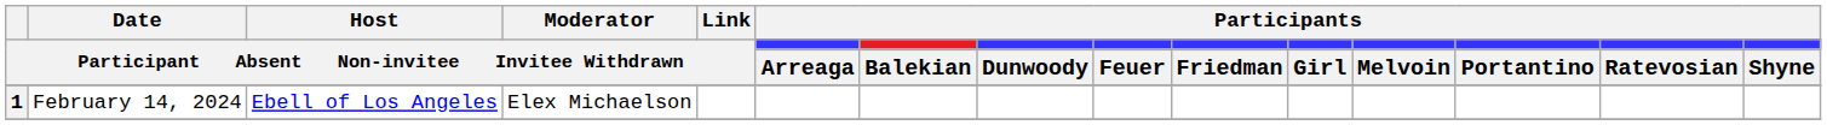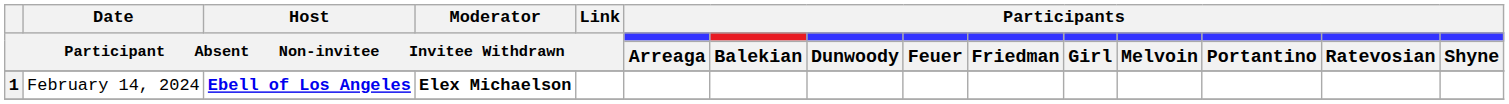 <table class="wikitable" style="text-align:center;">
 <tr style="font-size:small;">
 <th scope="col"></th>
 <th scope="col">Date</th>
 <th scope="col">Host</th>
 <th scope="col">Moderator</th>
 <th scope="col">Link</th>
 <th scope="col" colspan="10">Participants</th>
 </tr>
 <tr>
 <th colspan="5" rowspan="2"> <small>Participant  </small> <small>Absent  </small> <small>Non-invitee  </small> <small>Invitee Withdrawn</small></th>
 <th scope="col" style="background:#3333FF;"></th>
 <th scope="col" style="background:#E81B23;"></th>
 <th scope="col" style="background:#3333FF;"></th>
 <th scope="col" style="background:#3333FF;"></th>
 <th scope="col" style="background:#3333FF;"></th>
 <th scope="col" style="background:#3333FF;"></th>
 <th scope="col" style="background:#3333FF;"></th>
 <th scope="col" style="background:#3333FF;"></th>
 <th scope="col" style="background:#3333FF;"></th>
 <th scope="col" style="background:#3333FF;"></th>
 </tr>
 <tr>
 <th scope="col">Arreaga</th>
 <th scope="col">Balekian</th>
 <th scope="col">Dunwoody</th>
 <th scope="col">Feuer</th>
 <th scope="col">Friedman</th>
 <th scope="col">Girl</th>
 <th scope="col">Melvoin</th>
 <th scope="col">Portantino</th>
 <th scope="col">Ratevosian</th>
 <th scope="col">Shyne</th>
 </tr>
 <tr>
 </tr>
 <tr style="background:#FFFFFF;font-size:small;">
 <th scope="row">1</th>
 <td style="white-space:nowrap;">February 14, 2024</td>
-<td style="white-space:nowrap;"><a href='#'>Ebell of Los Angeles</a></td>
-<td style="white-space:nowrap;">Elex Michaelson</td>
+<td style="white-space:nowrap;"><strong><a href='#'>Ebell of Los Angeles</a></strong></td>
+<td style="white-space:nowrap;"><strong>Elex Michaelson</strong></td>
 <td style="white-space:nowrap;"></td>
 <td></td>
 <td></td>
 <td></td>
 <td></td>
 <td></td>
 <td></td>
 <td></td>
 <td></td>
 <td></td>
 <td></td>
 </tr>
 <tr>
 </tr>
 </table>
